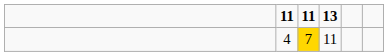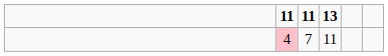 <table class="wikitable">
 <tr>
 <td style="width:18em"></td>
 <td align=center style="width:1em"><strong>11</strong></td>
 <td align=center style="width:1em"><strong>11</strong></td>
 <td align=center style="width:1em"><strong>13</strong></td>
 <td align=center style="width:1em"></td>
 <td align=center style="width:1em"></td>
 </tr>
 <tr>
 <td style="width:18em"></td>
-<td align=center style="width:1em">4</td>
-<td align=center style="background: gold; width:1em">7</td>
+<td align=center style="background: pink; width:1em">4</td>
+<td align=center style="width:1em">7</td>
 <td align=center style="width:1em">11</td>
 <td align=center style="width:1em"></td>
 <td align=center style="width:1em"></td>
 </tr>
 </table>
